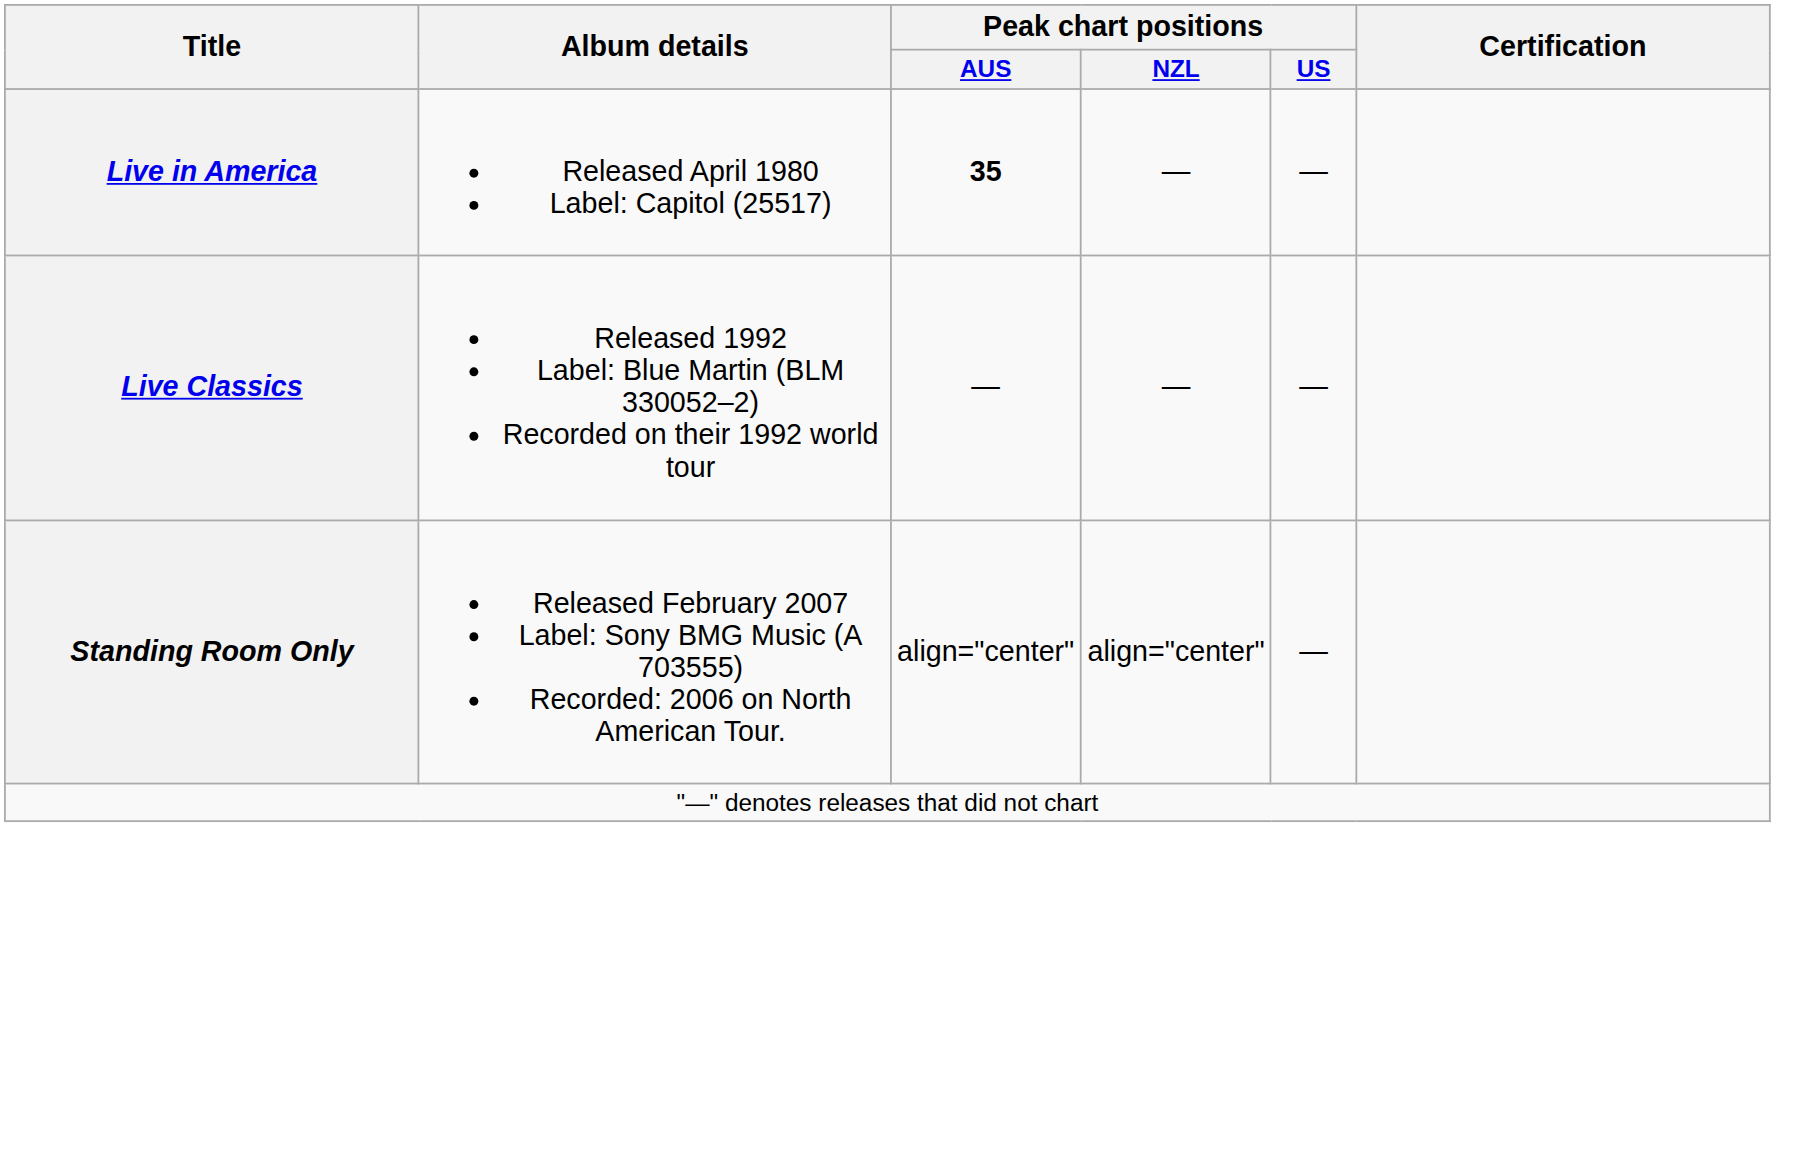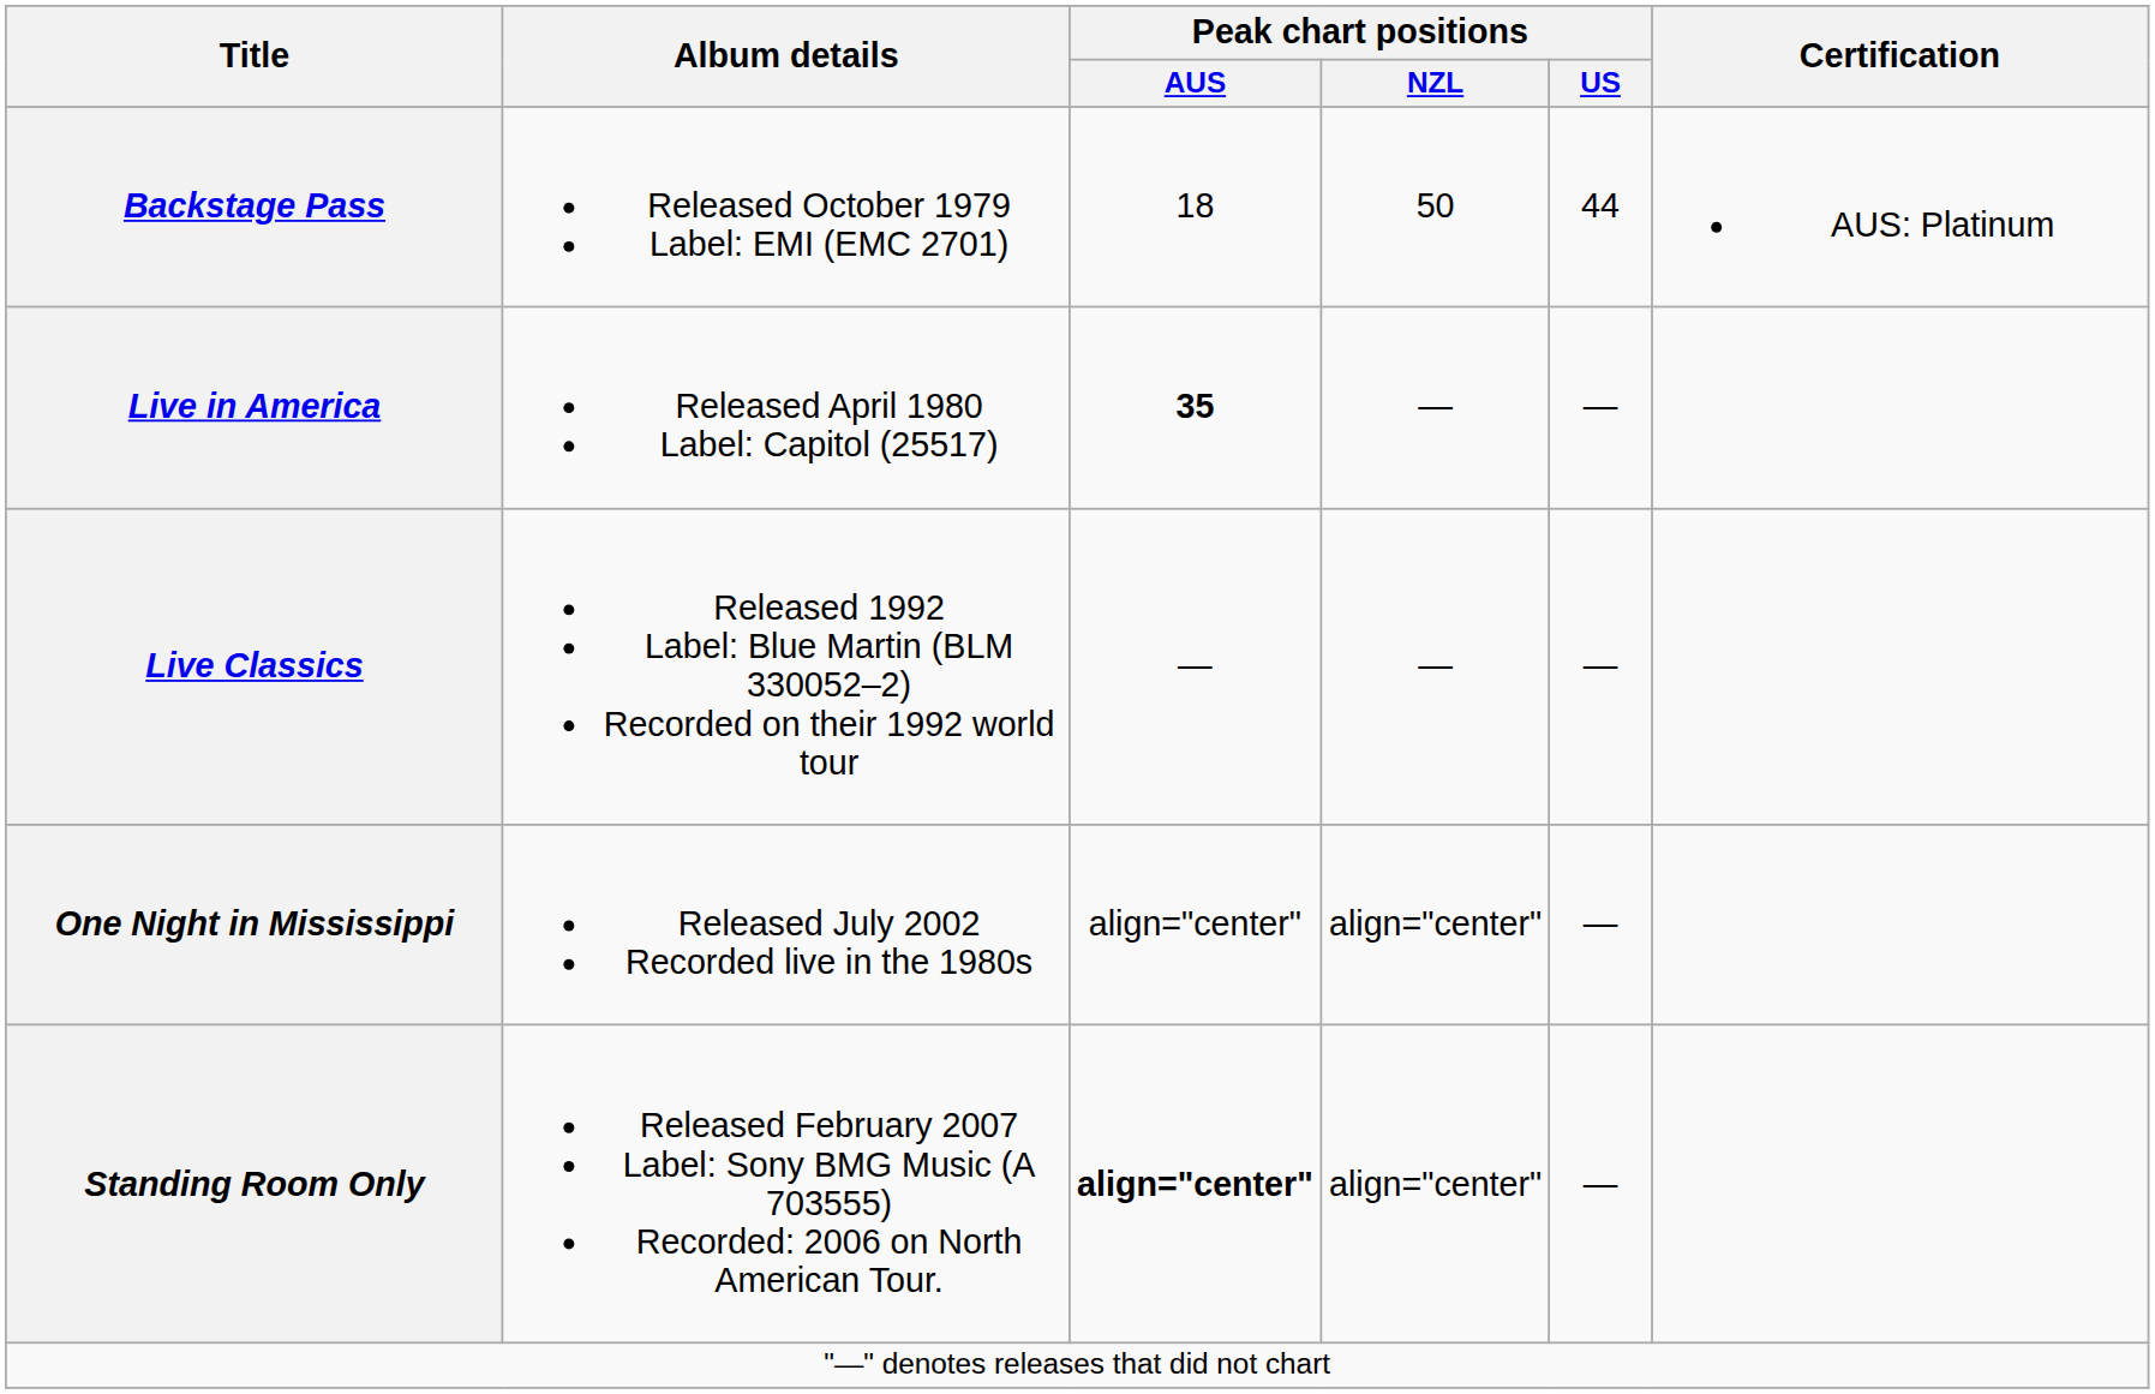 <table class="wikitable plainrowheaders" style="text-align:center;">
 <tr>
 <th scope="col" rowspan="2" style="width:14em;">Title</th>
 <th scope="col" rowspan="2" style="width:16em;">Album details</th>
 <th scope="col" colspan="3">Peak chart positions</th>
 <th scope="col" rowspan="2" style="width:14em;">Certification</th>
 </tr>
 <tr>
 <th style="width:3em;font-size:85%"><a href='#'>AUS</a><br></th>
 <th style="width:3em;font-size:85%"><a href='#'>NZL</a><br></th>
 <th style="width:3em;font-size:85%"><a href='#'>US</a><br></th>
+</tr>
+<tr>
+<th scope="row"><em><a href='#'>Backstage Pass</a></em></th>
+<td><br><ul><li>Released October 1979</li><li>Label: EMI (EMC 2701)</li></ul></td>
+<td align="center">18</td>
+<td align="center">50</td>
+<td align="center">44</td>
+<td><br><ul><li>AUS: Platinum</li></ul></td>
 </tr>
 <tr>
 <th scope="row"><em><a href='#'>Live in America</a></em></th>
 <td><br><ul><li>Released April 1980</li><li>Label: Capitol (25517)</li></ul></td>
 <td align="center"><strong>35</strong></td>
 <td align="center">—</td>
 <td align="center">—</td>
 <td></td>
 </tr>
 <tr>
 <th scope="row"><em><a href='#'>Live Classics</a></em></th>
 <td><br><ul><li>Released 1992</li><li>Label: Blue Martin (BLM 330052–2)</li><li>Recorded on their 1992 world tour</li></ul></td>
 <td align="center">—</td>
 <td align="center">—</td>
 <td align="center">—</td>
 <td></td>
 </tr>
 <tr>
+<th scope="row"><em>One Night in Mississippi</em></th>
+<td><br><ul><li>Released July 2002</li><li>Recorded live in the 1980s</li></ul></td>
+<td>align="center" </td>
+<td>align="center" </td>
+<td align="center">—</td>
+<td></td>
+</tr>
+<tr>
 <th scope="row"><em>Standing Room Only</em></th>
 <td><br><ul><li>Released February 2007</li><li>Label: Sony BMG Music (A 703555)</li><li>Recorded: 2006 on North American Tour.</li></ul></td>
-<td>align="center" </td>
+<td><strong>align="center" </strong></td>
 <td>align="center" </td>
 <td align="center">—</td>
 <td></td>
 </tr>
 <tr>
 <td align="center" colspan="6" style="font-size:85%">"—" denotes releases that did not chart</td>
 </tr>
 </table>
